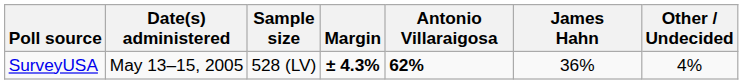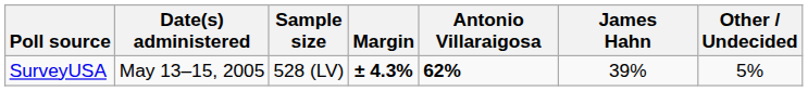 <table class="wikitable" style="font-size:90%">
 <tr valign=bottom>
 <th>Poll source</th>
 <th>Date(s)<br>administered</th>
 <th>Sample<br>size</th>
 <th>Margin<br></th>
 <th style="width:100px;">Antonio<br>Villaraigosa</th>
 <th style="width:100px;">James<br>Hahn</th>
 <th>Other /<br>Undecided</th>
 </tr>
 <tr>
 <td><a href='#'>SurveyUSA</a></td>
 <td align=center>May 13–15, 2005</td>
 <td align=center>528 (LV)</td>
 <td align=center><strong>± 4.3%</strong></td>
 <td><strong>62%</strong></td>
-<td align=center>36%</td>
-<td align=center>4%</td>
+<td align=center>39%</td>
+<td align=center>5%</td>
 </tr>
 </table>
